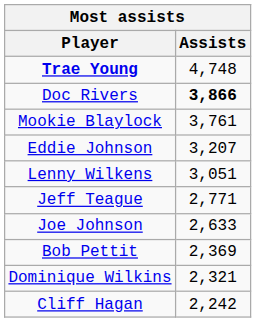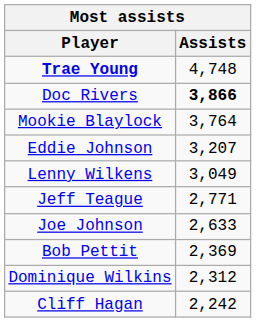 <table class="wikitable sortable" style="text-align:center">
 <tr>
 <th colspan="2">Most assists</th>
 </tr>
 <tr>
 <th>Player</th>
 <th>Assists</th>
 </tr>
 <tr>
 <td><strong><a href='#'>Trae Young</a></strong></td>
 <td>4,748</td>
 </tr>
 <tr>
 <td><a href='#'>Doc Rivers</a></td>
 <td><strong>3,866</strong></td>
 </tr>
 <tr>
 <td><a href='#'>Mookie Blaylock</a></td>
-<td>3,761</td>
+<td>3,764</td>
 </tr>
 <tr>
 <td><a href='#'>Eddie Johnson</a></td>
 <td>3,207</td>
 </tr>
 <tr>
 <td><a href='#'>Lenny Wilkens</a></td>
-<td>3,051</td>
+<td>3,049</td>
 </tr>
 <tr>
 <td><a href='#'>Jeff Teague</a></td>
 <td>2,771</td>
 </tr>
 <tr>
 <td><a href='#'>Joe Johnson</a></td>
 <td>2,633</td>
 </tr>
 <tr>
 <td><a href='#'>Bob Pettit</a></td>
 <td>2,369</td>
 </tr>
 <tr>
 <td><a href='#'>Dominique Wilkins</a></td>
-<td>2,321</td>
+<td>2,312</td>
 </tr>
 <tr>
 <td><a href='#'>Cliff Hagan</a></td>
 <td>2,242</td>
 </tr>
 </table>
